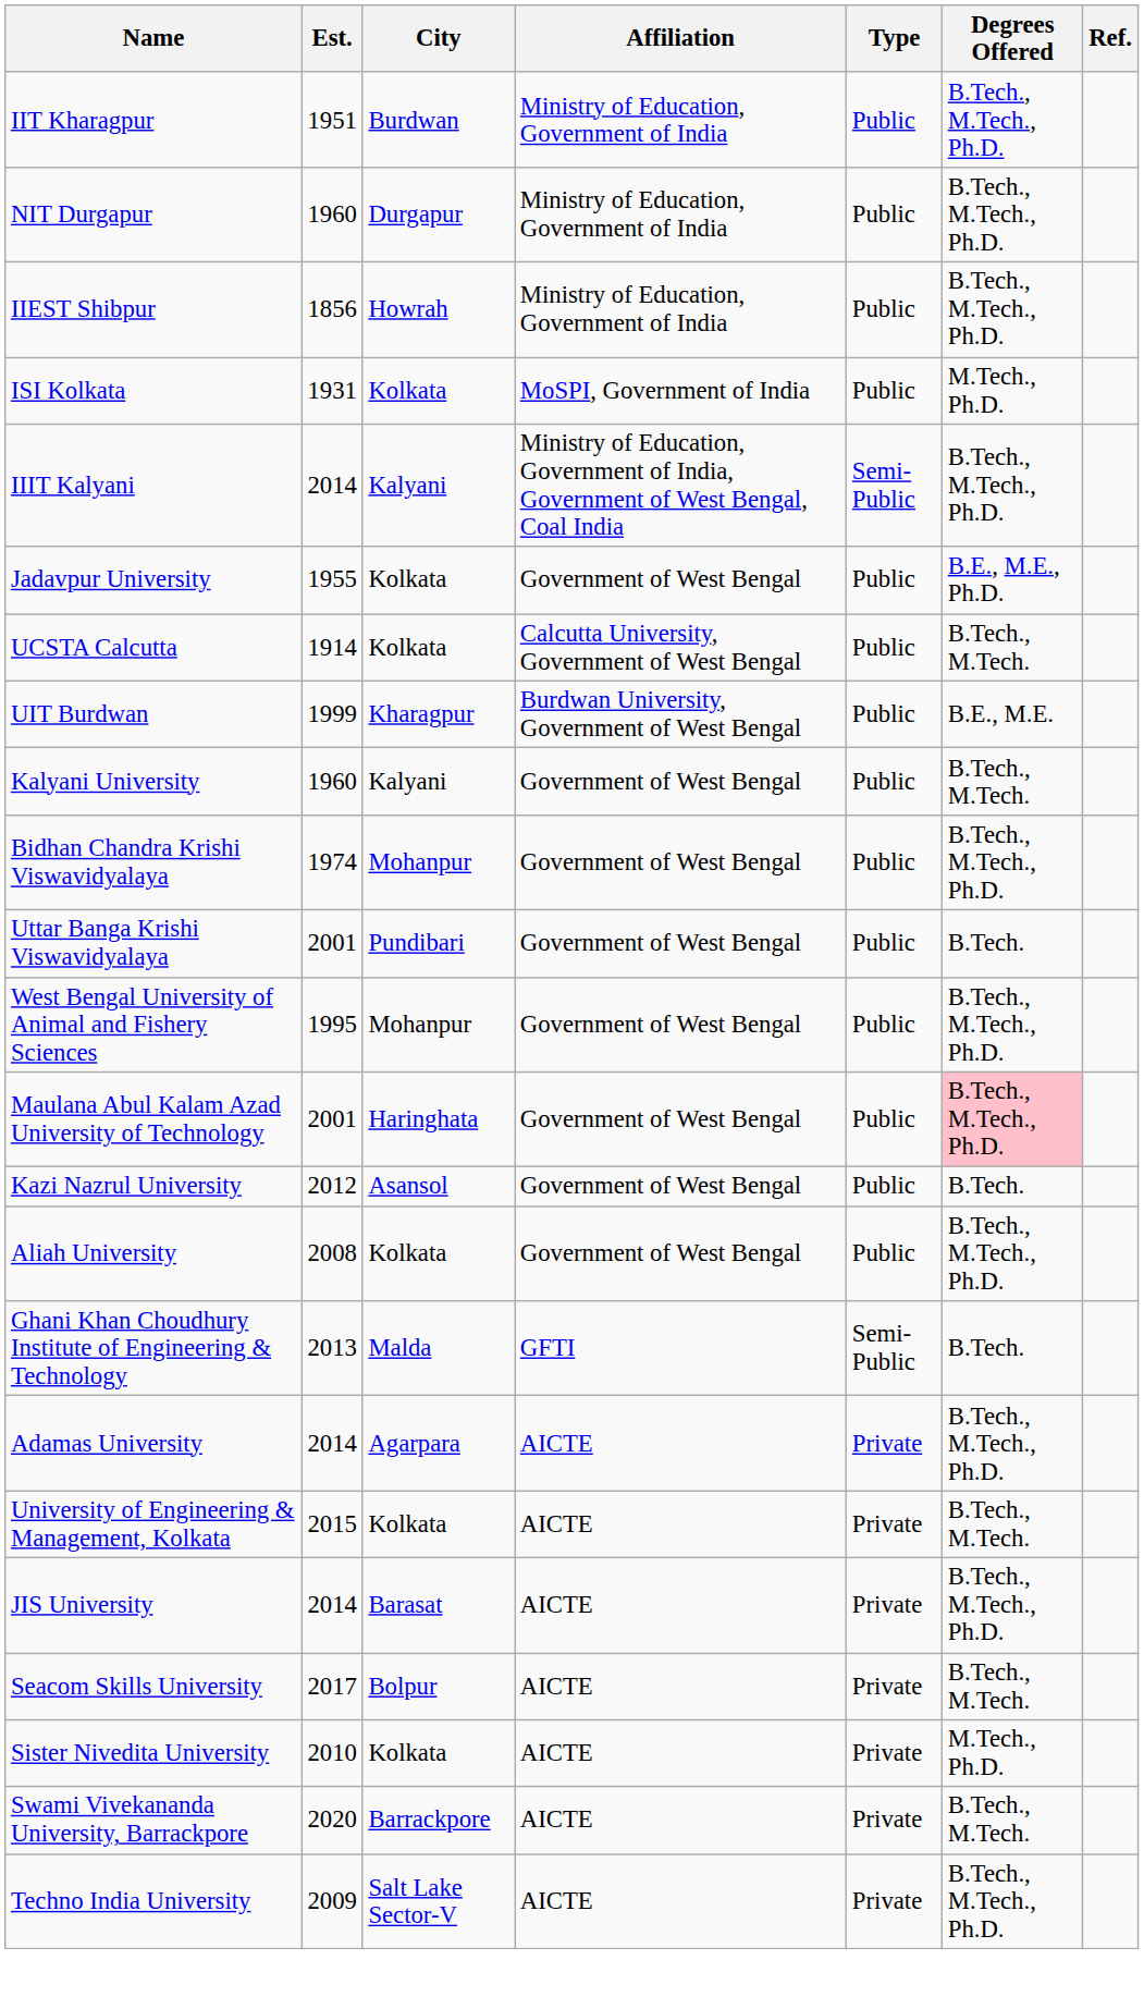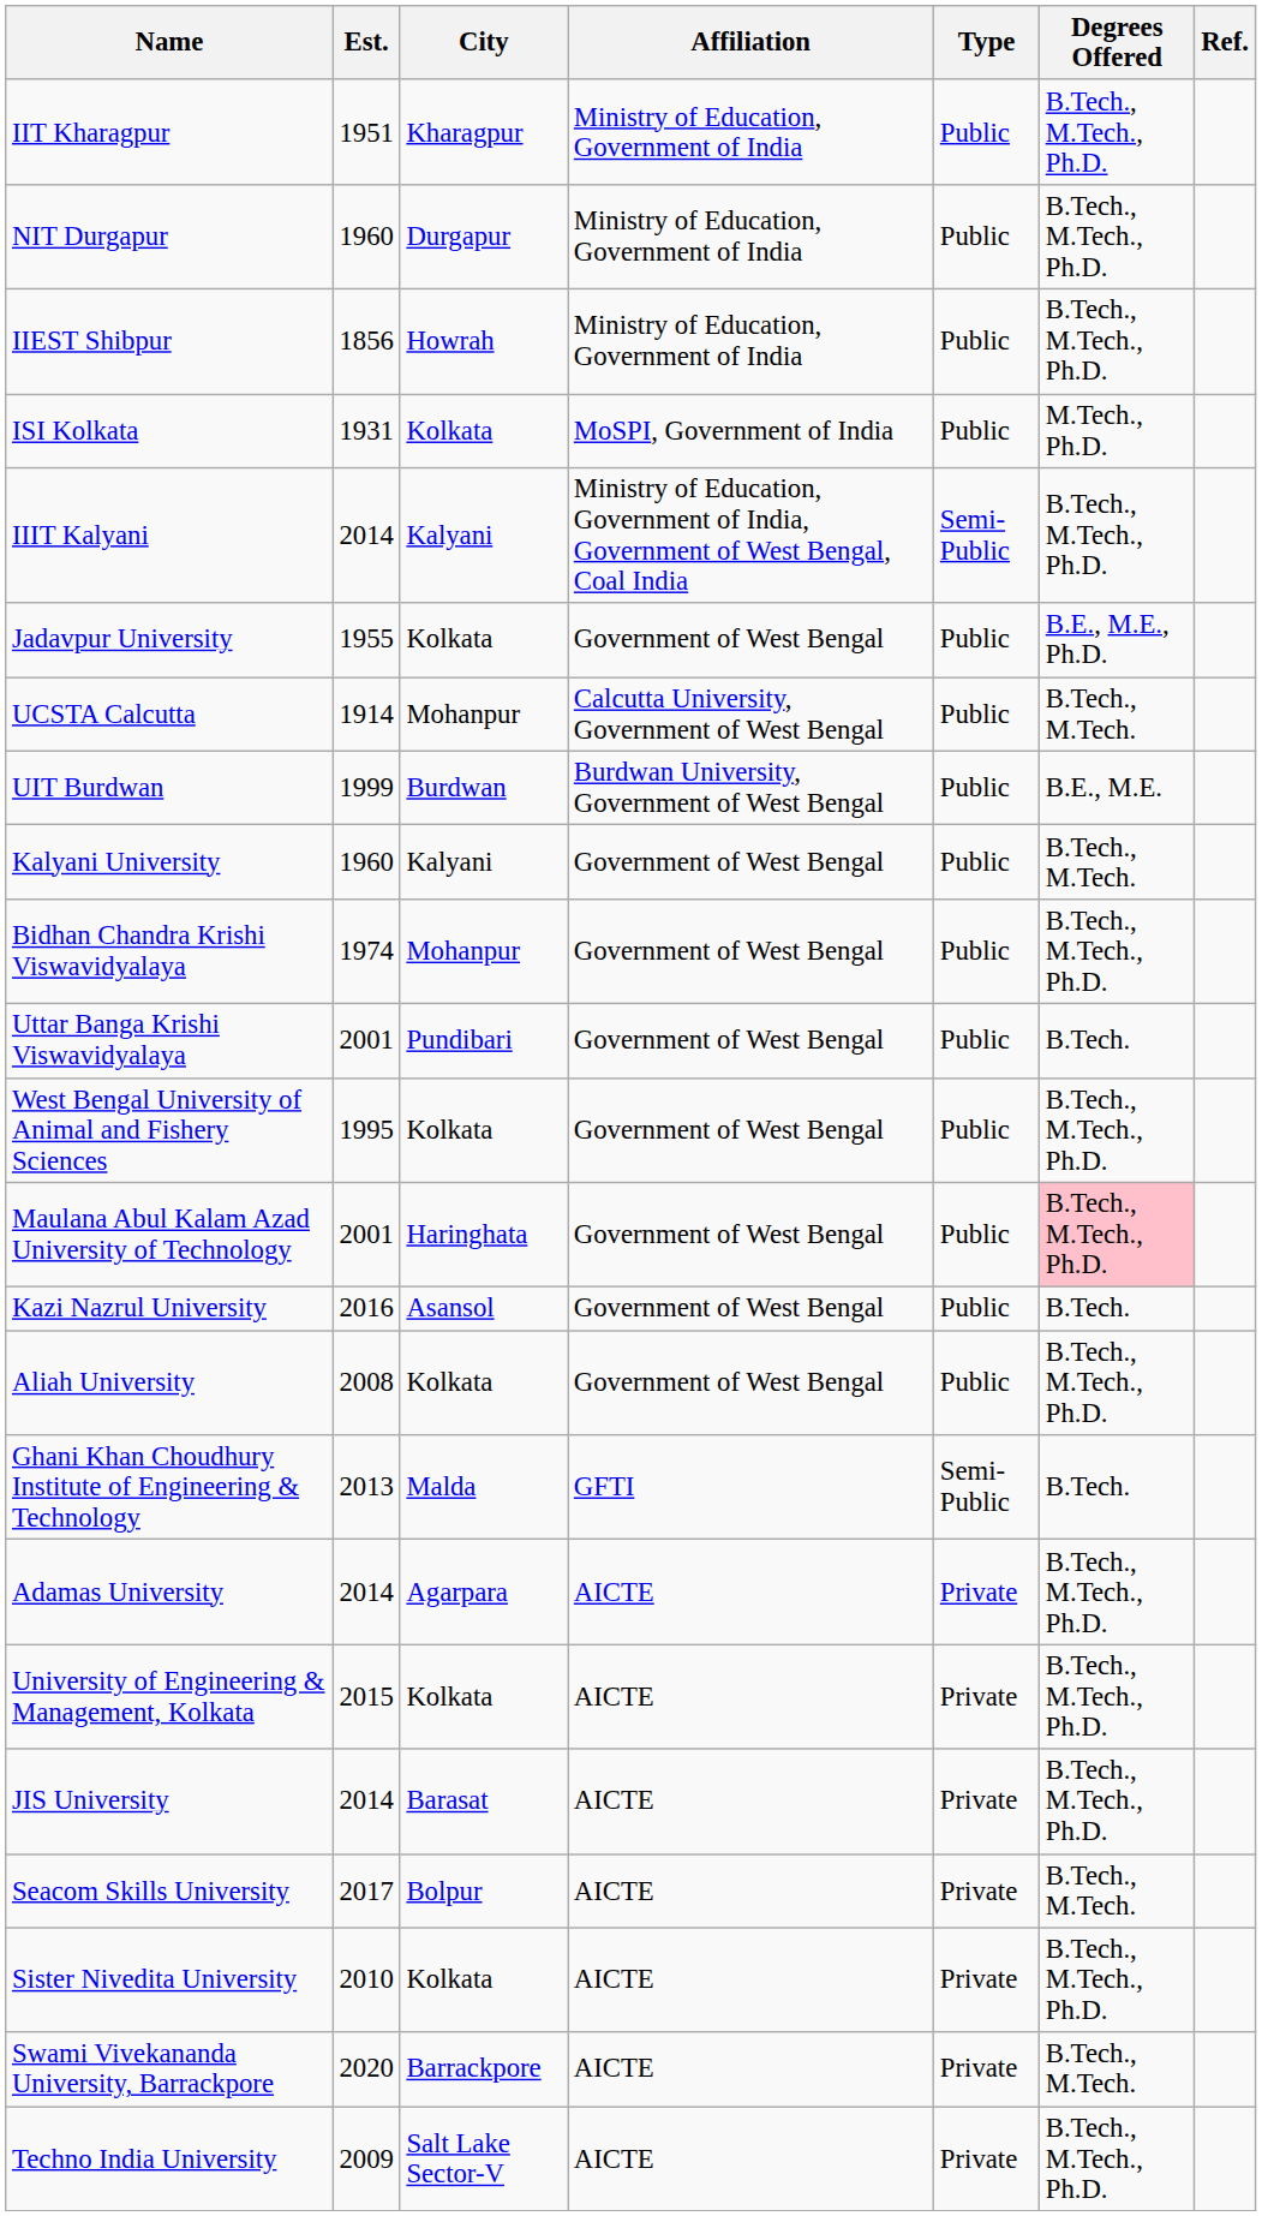 <table class="wikitable sortable static-row-numbers sticky-header collapsible plainrowheaders" style="-align:left; width:83%;">
 <tr>
 <th>Name</th>
 <th>Est.</th>
 <th>City</th>
 <th>Affiliation</th>
 <th>Type</th>
 <th>Degrees Offered<br></th>
 <th>Ref.</th>
 </tr>
 <tr>
 <td><a href='#'>IIT Kharagpur</a></td>
 <td>1951</td>
-<td><a href='#'>Burdwan</a></td>
+<td><a href='#'>Kharagpur</a></td>
 <td><a href='#'>Ministry of Education</a>, <a href='#'>Government of India</a></td>
 <td><a href='#'> Public</a></td>
 <td><a href='#'>B.Tech.</a>, <a href='#'>M.Tech.</a>, <a href='#'>Ph.D.</a></td>
 <td></td>
 </tr>
 <tr>
 <td><a href='#'> NIT Durgapur</a></td>
 <td>1960</td>
 <td><a href='#'>Durgapur</a></td>
 <td>Ministry of Education, Government of India</td>
 <td>Public</td>
 <td>B.Tech., M.Tech., Ph.D.</td>
 <td></td>
 </tr>
 <tr>
 <td><a href='#'> IIEST Shibpur</a></td>
 <td>1856</td>
 <td><a href='#'>Howrah</a></td>
 <td>Ministry of Education, Government of India</td>
 <td>Public</td>
 <td>B.Tech., M.Tech., Ph.D.</td>
 <td></td>
 </tr>
 <tr>
 <td><a href='#'> ISI Kolkata</a></td>
 <td>1931</td>
 <td><a href='#'>Kolkata</a></td>
 <td><a href='#'>MoSPI</a>, Government of India</td>
 <td>Public</td>
 <td>M.Tech., Ph.D.</td>
 <td></td>
 </tr>
 <tr>
 <td><a href='#'> IIIT Kalyani</a></td>
 <td>2014</td>
 <td><a href='#'>Kalyani</a></td>
 <td>Ministry of Education, Government of India, <a href='#'>Government of West Bengal</a>, <a href='#'>Coal India</a></td>
 <td><a href='#'> Semi-Public</a></td>
 <td>B.Tech., M.Tech., Ph.D.</td>
 <td></td>
 </tr>
 <tr>
 <td><a href='#'>Jadavpur University</a></td>
 <td>1955</td>
 <td>Kolkata</td>
 <td>Government of West Bengal</td>
 <td>Public</td>
 <td><a href='#'>B.E.</a>, <a href='#'>M.E.</a>, Ph.D.</td>
 <td></td>
 </tr>
 <tr>
 <td><a href='#'> UCSTA Calcutta</a></td>
 <td>1914</td>
-<td>Kolkata</td>
+<td>Mohanpur</td>
 <td><a href='#'>Calcutta University</a>,<br>Government of West Bengal</td>
 <td>Public</td>
 <td>B.Tech., M.Tech.</td>
 <td></td>
 </tr>
 <tr>
 <td><a href='#'> UIT Burdwan</a></td>
 <td>1999</td>
-<td><a href='#'>Kharagpur</a></td>
+<td><a href='#'>Burdwan</a></td>
 <td><a href='#'>Burdwan University</a>,<br>Government of West Bengal</td>
 <td>Public</td>
 <td>B.E., M.E.</td>
 <td></td>
 </tr>
 <tr>
 <td><a href='#'> Kalyani University</a></td>
 <td>1960</td>
 <td>Kalyani</td>
 <td>Government of West Bengal</td>
 <td>Public</td>
 <td>B.Tech., M.Tech.</td>
 <td></td>
 </tr>
 <tr>
 <td><a href='#'>Bidhan Chandra Krishi Viswavidyalaya</a></td>
 <td>1974</td>
 <td><a href='#'>Mohanpur</a></td>
 <td>Government of West Bengal</td>
 <td>Public</td>
 <td>B.Tech., M.Tech., Ph.D.</td>
 <td></td>
 </tr>
 <tr>
 <td><a href='#'>Uttar Banga Krishi Viswavidyalaya</a></td>
 <td>2001</td>
 <td><a href='#'>Pundibari</a></td>
 <td>Government of West Bengal</td>
 <td>Public</td>
 <td>B.Tech.</td>
 <td></td>
 </tr>
 <tr>
 <td><a href='#'>West Bengal University of Animal and Fishery Sciences</a></td>
 <td>1995</td>
-<td>Mohanpur</td>
+<td>Kolkata</td>
 <td>Government of West Bengal</td>
 <td>Public</td>
 <td>B.Tech., M.Tech., Ph.D.</td>
 <td></td>
 </tr>
 <tr>
 <td><a href='#'>Maulana Abul Kalam Azad University of Technology</a></td>
 <td>2001</td>
 <td><a href='#'>Haringhata</a></td>
 <td>Government of West Bengal</td>
 <td>Public</td>
 <td style="background: pink;">B.Tech., M.Tech., Ph.D.</td>
 <td></td>
 </tr>
 <tr>
 <td><a href='#'>Kazi Nazrul University</a></td>
-<td>2012</td>
+<td>2016</td>
 <td><a href='#'>Asansol</a></td>
 <td>Government of West Bengal</td>
 <td>Public</td>
 <td>B.Tech.</td>
 <td></td>
 </tr>
 <tr>
 <td><a href='#'>Aliah University</a></td>
 <td>2008</td>
 <td>Kolkata</td>
 <td>Government of West Bengal</td>
 <td>Public</td>
 <td>B.Tech., M.Tech., Ph.D.</td>
 <td></td>
 </tr>
 <tr>
 <td><a href='#'>Ghani Khan Choudhury Institute of Engineering & Technology</a></td>
 <td>2013</td>
 <td><a href='#'> Malda</a></td>
 <td><a href='#'>GFTI</a></td>
 <td>Semi-Public</td>
 <td>B.Tech.</td>
 <td></td>
 </tr>
 <tr>
 <td><a href='#'>Adamas University</a></td>
 <td>2014</td>
 <td><a href='#'>Agarpara</a></td>
 <td><a href='#'>AICTE</a></td>
 <td><a href='#'> Private</a></td>
 <td>B.Tech., M.Tech., Ph.D.</td>
 <td></td>
 </tr>
 <tr>
 <td><a href='#'>University of Engineering & Management, Kolkata</a></td>
 <td>2015</td>
 <td>Kolkata</td>
 <td>AICTE</td>
 <td>Private</td>
-<td>B.Tech., M.Tech.</td>
+<td>B.Tech., M.Tech., Ph.D.</td>
 <td></td>
 </tr>
 <tr>
 <td><a href='#'>JIS University</a></td>
 <td>2014</td>
 <td><a href='#'>Barasat</a></td>
 <td>AICTE</td>
 <td>Private</td>
 <td>B.Tech., M.Tech., Ph.D.</td>
 <td></td>
 </tr>
 <tr>
 <td><a href='#'>Seacom Skills University</a></td>
 <td>2017</td>
 <td><a href='#'>Bolpur</a></td>
 <td>AICTE</td>
 <td>Private</td>
 <td>B.Tech., M.Tech.</td>
 <td></td>
 </tr>
 <tr>
 <td><a href='#'>Sister Nivedita University</a></td>
 <td>2010</td>
 <td>Kolkata</td>
 <td>AICTE</td>
 <td>Private</td>
-<td>M.Tech., Ph.D.</td>
+<td>B.Tech., M.Tech., Ph.D.</td>
 <td></td>
 </tr>
 <tr>
 <td><a href='#'>Swami Vivekananda University, Barrackpore</a></td>
 <td>2020</td>
 <td><a href='#'>Barrackpore</a></td>
 <td>AICTE</td>
 <td>Private</td>
 <td>B.Tech., M.Tech.</td>
 <td></td>
 </tr>
 <tr>
 <td><a href='#'>Techno India University</a></td>
 <td>2009</td>
 <td><a href='#'>Salt Lake Sector-V</a></td>
 <td>AICTE</td>
 <td>Private</td>
 <td>B.Tech., M.Tech., Ph.D.</td>
 <td></td>
 </tr>
 <tr>
 </tr>
 </table>
